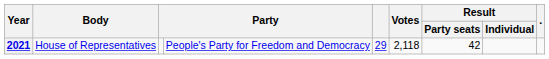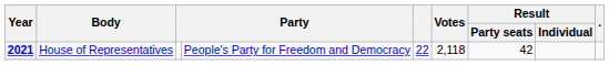 <table class="wikitable plainrowheaders sortable" border=2 cellpadding=4 cellspacing=0 style="border: 1px #aaa solid; font-size: 90%; text-align:center;">
 <tr>
 <th scope="col" rowspan=2>Year</th>
 <th scope="col" rowspan=2>Body</th>
 <th scope="col" colspan=2 rowspan=2>Party</th>
 <th scope="col" rowspan=2></th>
 <th scope="col" rowspan=2>Votes</th>
 <th scope="colgroup" colspan=2>Result</th>
 <th scope="col" rowspan=2 class="unsortable">.</th>
 </tr>
 <tr>
 <th scope="col">Party seats</th>
 <th scope="col">Individual</th>
 </tr>
 <tr>
 <th scope="row"><a href='#'>2021</a></th>
 <td><a href='#'>House of Representatives</a></td>
 <td style="background-color:"></td>
 <td><a href='#'>People's Party for Freedom and Democracy</a></td>
-<td style=text-align:right><a href='#'>29</a></td>
+<td style=text-align:right><a href='#'>22</a></td>
 <td style=text-align:right>2,118</td>
 <td style=text-align:right>42</td>
 <td></td>
 <td></td>
 </tr>
 </table>
